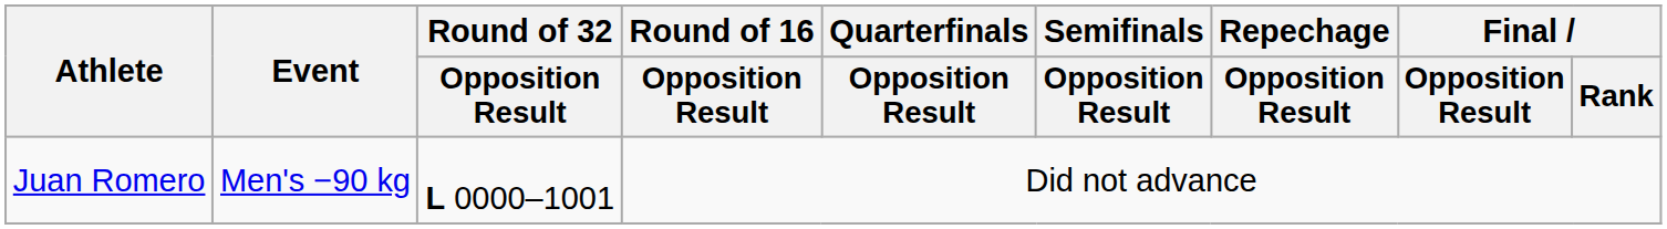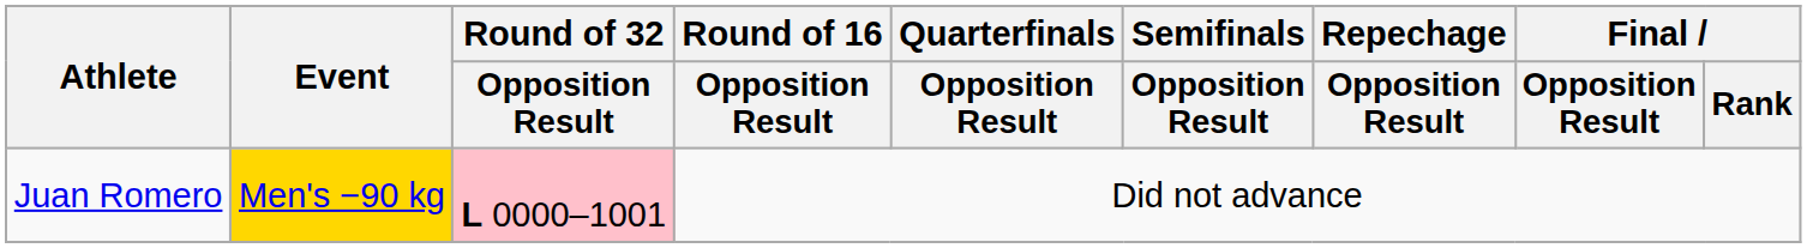 <table class="wikitable" style="font-size:90%">
 <tr>
 <th rowspan="2">Athlete</th>
 <th rowspan="2">Event</th>
 <th>Round of 32</th>
 <th>Round of 16</th>
 <th>Quarterfinals</th>
 <th>Semifinals</th>
 <th>Repechage</th>
 <th colspan=2>Final / </th>
 </tr>
 <tr style="font-size:95%">
 <th>Opposition<br>Result</th>
 <th>Opposition<br>Result</th>
 <th>Opposition<br>Result</th>
 <th>Opposition<br>Result</th>
 <th>Opposition<br>Result</th>
 <th>Opposition<br>Result</th>
 <th>Rank</th>
 </tr>
 <tr align=center>
 <td align=left><a href='#'>Juan Romero</a></td>
-<td align=left><a href='#'>Men's −90 kg</a></td>
-<td><br><strong>L</strong> 0000–1001</td>
+<td align=left style="background: gold;"><a href='#'>Men's −90 kg</a></td>
+<td style="background: pink;"><br><strong>L</strong> 0000–1001</td>
 <td colspan=6>Did not advance</td>
 </tr>
 </table>
